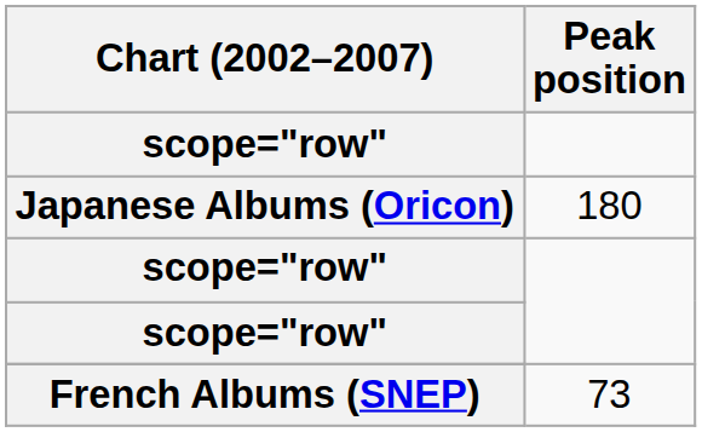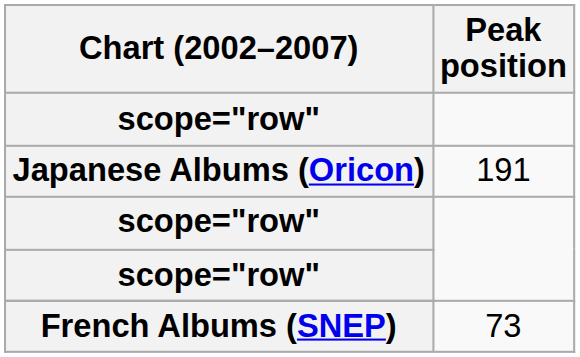 <table class="wikitable plainrowheaders sortable" style="text-align:center;">
 <tr>
 <th scope="col">Chart (2002–2007)</th>
 <th scope="col">Peak<br>position</th>
 </tr>
 <tr>
 <th>scope="row" </th>
 </tr>
 <tr>
 <th scope="row">Japanese Albums (<a href='#'>Oricon</a>)</th>
-<td>180</td>
+<td>191</td>
 </tr>
 <tr>
 <th>scope="row" </th>
 </tr>
 <tr>
 <th>scope="row" </th>
 </tr>
 <tr>
 </tr>
 <tr>
 <th scope="row">French Albums (<a href='#'>SNEP</a>)</th>
 <td align="center">73</td>
 </tr>
 </table>
